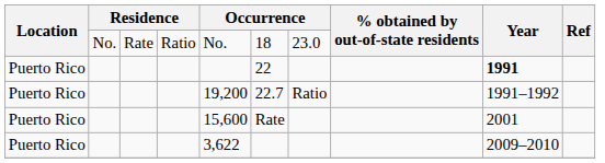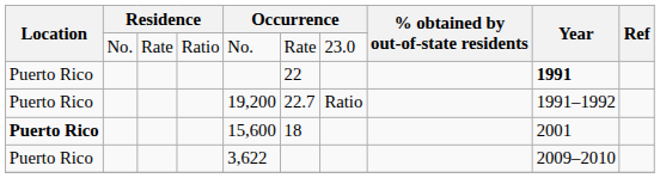 <table class="wikitable">
 <tr>
 <th rowspan="2">Location</th>
 <th colspan="3">Residence</th>
 <th colspan="3">Occurrence</th>
 <th rowspan="2">% obtained by<br>out-of-state residents</th>
 <th rowspan="2">Year</th>
 <th rowspan="2">Ref</th>
 </tr>
 <tr>
 <td>No.</td>
 <td>Rate</td>
 <td>Ratio</td>
 <td>No.</td>
-<td>18</td>
+<td>Rate</td>
 <td>23.0</td>
 </tr>
 <tr>
 <td>Puerto Rico</td>
 <td></td>
 <td></td>
 <td></td>
 <td></td>
 <td>22</td>
 <td></td>
 <td></td>
 <td><strong>1991</strong></td>
 <td></td>
 </tr>
 <tr>
 <td>Puerto Rico</td>
 <td></td>
 <td></td>
 <td></td>
 <td>19,200</td>
 <td>22.7</td>
 <td>Ratio</td>
 <td></td>
 <td>1991–1992</td>
 <td></td>
 </tr>
 <tr>
-<td>Puerto Rico</td>
+<td><strong>Puerto Rico</strong></td>
 <td></td>
 <td></td>
 <td></td>
 <td>15,600</td>
-<td>Rate</td>
+<td>18</td>
 <td></td>
 <td></td>
 <td>2001</td>
 <td></td>
 </tr>
 <tr>
 <td>Puerto Rico</td>
 <td></td>
 <td></td>
 <td></td>
 <td>3,622</td>
 <td></td>
 <td></td>
 <td></td>
 <td>2009–2010</td>
 <td></td>
 </tr>
 <tr>
 </tr>
 </table>
